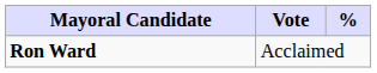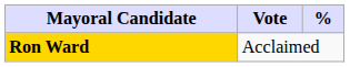 <table class="wikitable">
 <tr>
 <th style="background:#ddf; width:200px;">Mayoral Candidate</th>
 <th style="background:#ddf; width:50px;">Vote</th>
 <th style="background:#ddf; width:30px;">%</th>
 </tr>
 <tr>
-<td><strong>Ron Ward</strong></td>
+<td style="background: gold;"><strong>Ron Ward</strong></td>
 <td colspan="2">Acclaimed</td>
 </tr>
 </table>
